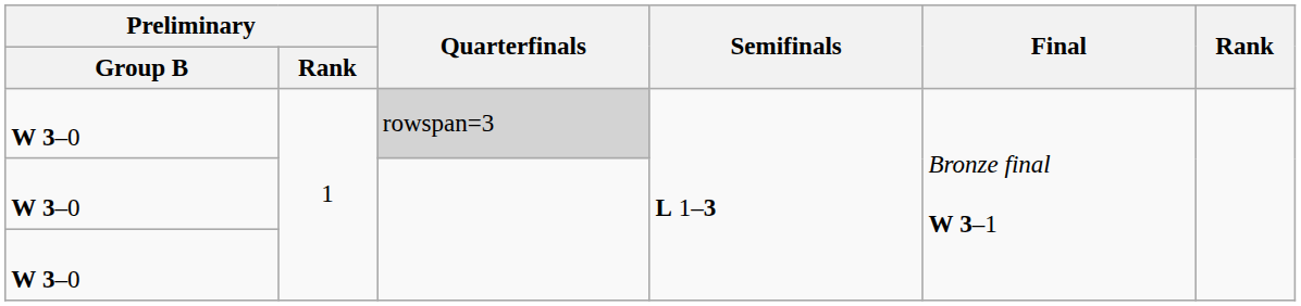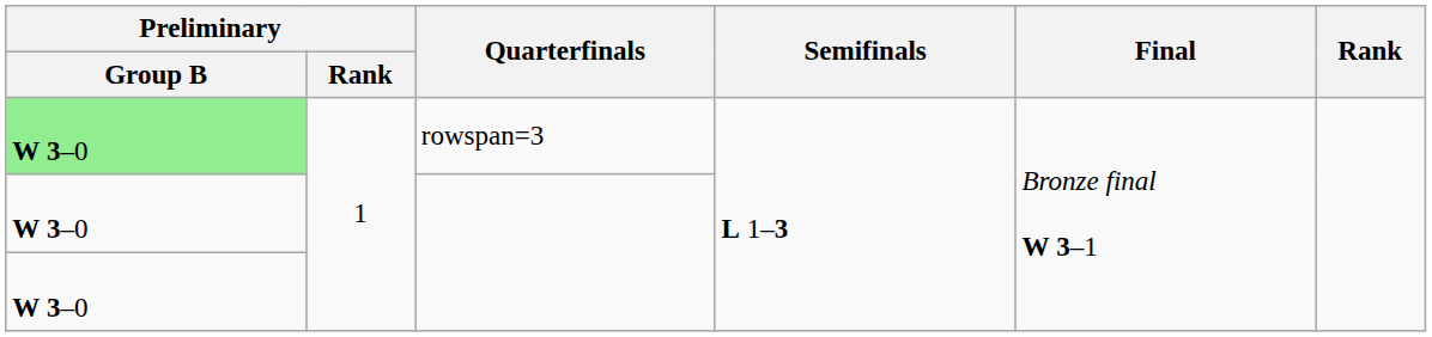 <table class="wikitable" style="text-align:left; font-size:90%">
 <tr>
 <th colspan=2>Preliminary</th>
 <th rowspan=2 width=150>Quarterfinals</th>
 <th rowspan=2 width=150>Semifinals</th>
 <th rowspan=2 width=150>Final</th>
 <th rowspan=2 width=50>Rank</th>
 </tr>
 <tr>
 <th width=150>Group B</th>
 <th width=50>Rank</th>
 </tr>
 <tr>
-<td><br><strong>W</strong> <strong>3</strong>–0</td>
+<td style="background: lightgreen;"><br><strong>W</strong> <strong>3</strong>–0</td>
 <td rowspan=3 align=center>1</td>
-<td style="background: lightgrey;">rowspan=3 </td>
+<td>rowspan=3 </td>
 <td rowspan=3>  <br><strong>L</strong> 1–<strong>3</strong></td>
 <td rowspan=3> <em>Bronze final</em> <br> <br> <strong>W</strong> <strong>3</strong>–1</td>
 <td rowspan=3 align=center></td>
 </tr>
 <tr>
 <td><br> <strong>W</strong> <strong>3</strong>–0</td>
 </tr>
 <tr>
 <td><br> <strong>W</strong> <strong>3</strong>–0</td>
 </tr>
 </table>
